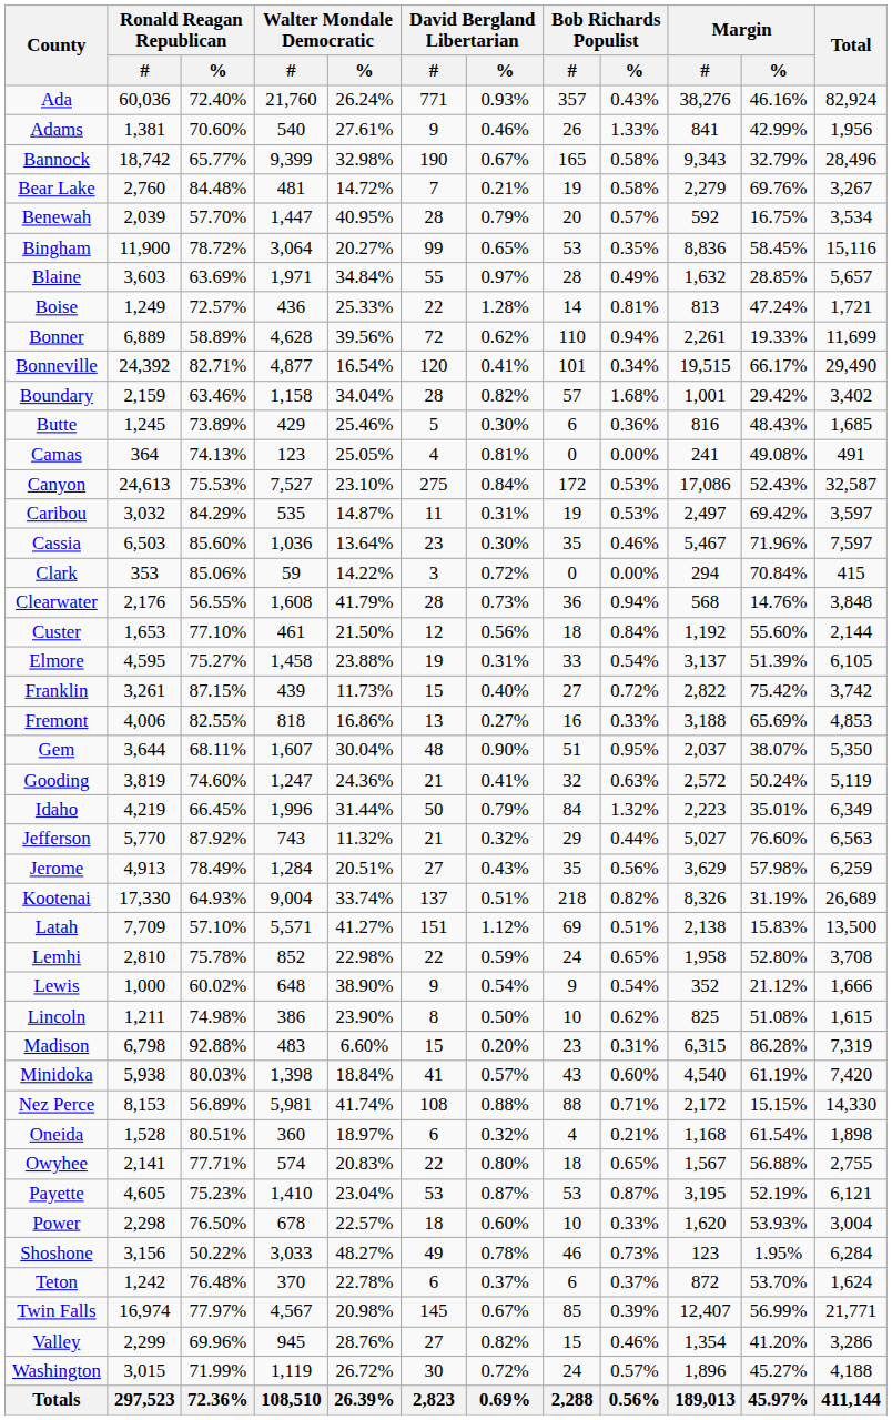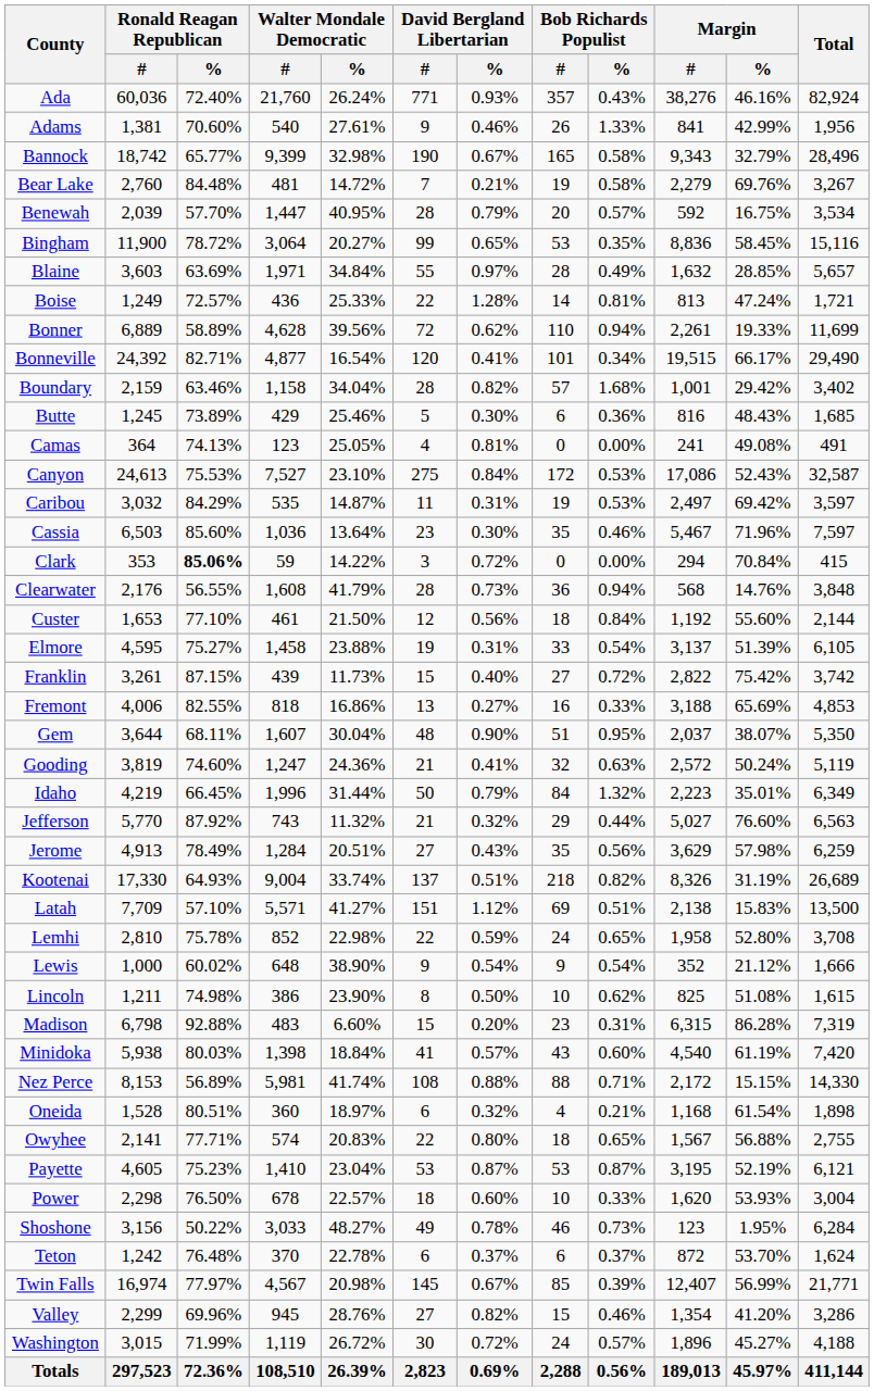 <table width="60%"  class="wikitable sortable" style="text-align:center">
 <tr>
 <th style="text-align:center;" rowspan="2">County</th>
 <th style="text-align:center;" colspan="2">Ronald Reagan<br>Republican</th>
 <th style="text-align:center;" colspan="2">Walter Mondale<br>Democratic</th>
 <th style="text-align:center;" colspan="2">David Bergland<br>Libertarian</th>
 <th style="text-align:center;" colspan="2">Bob Richards<br>Populist</th>
 <th style="text-align:center;" colspan="2">Margin</th>
 <th style="text-align:center;" rowspan="2">Total</th>
 </tr>
 <tr>
 <th style="text-align:center;" data-sort-type="number">#</th>
 <th style="text-align:center;" data-sort-type="number">%</th>
 <th style="text-align:center;" data-sort-type="number">#</th>
 <th style="text-align:center;" data-sort-type="number">%</th>
 <th style="text-align:center;" data-sort-type="number">#</th>
 <th style="text-align:center;" data-sort-type="number">%</th>
 <th style="text-align:center;" data-sort-type="number">#</th>
 <th style="text-align:center;" data-sort-type="number">%</th>
 <th style="text-align:center;" data-sort-type="number">#</th>
 <th style="text-align:center;" data-sort-type="number">%</th>
 </tr>
 <tr style="text-align:center;">
 <td><a href='#'>Ada</a></td>
 <td>60,036</td>
 <td>72.40%</td>
 <td>21,760</td>
 <td>26.24%</td>
 <td>771</td>
 <td>0.93%</td>
 <td>357</td>
 <td>0.43%</td>
 <td>38,276</td>
 <td>46.16%</td>
 <td>82,924</td>
 </tr>
 <tr style="text-align:center;">
 <td><a href='#'>Adams</a></td>
 <td>1,381</td>
 <td>70.60%</td>
 <td>540</td>
 <td>27.61%</td>
 <td>9</td>
 <td>0.46%</td>
 <td>26</td>
 <td>1.33%</td>
 <td>841</td>
 <td>42.99%</td>
 <td>1,956</td>
 </tr>
 <tr style="text-align:center;">
 <td><a href='#'>Bannock</a></td>
 <td>18,742</td>
 <td>65.77%</td>
 <td>9,399</td>
 <td>32.98%</td>
 <td>190</td>
 <td>0.67%</td>
 <td>165</td>
 <td>0.58%</td>
 <td>9,343</td>
 <td>32.79%</td>
 <td>28,496</td>
 </tr>
 <tr style="text-align:center;">
 <td><a href='#'>Bear Lake</a></td>
 <td>2,760</td>
 <td>84.48%</td>
 <td>481</td>
 <td>14.72%</td>
 <td>7</td>
 <td>0.21%</td>
 <td>19</td>
 <td>0.58%</td>
 <td>2,279</td>
 <td>69.76%</td>
 <td>3,267</td>
 </tr>
 <tr style="text-align:center;">
 <td><a href='#'>Benewah</a></td>
 <td>2,039</td>
 <td>57.70%</td>
 <td>1,447</td>
 <td>40.95%</td>
 <td>28</td>
 <td>0.79%</td>
 <td>20</td>
 <td>0.57%</td>
 <td>592</td>
 <td>16.75%</td>
 <td>3,534</td>
 </tr>
 <tr style="text-align:center;">
 <td><a href='#'>Bingham</a></td>
 <td>11,900</td>
 <td>78.72%</td>
 <td>3,064</td>
 <td>20.27%</td>
 <td>99</td>
 <td>0.65%</td>
 <td>53</td>
 <td>0.35%</td>
 <td>8,836</td>
 <td>58.45%</td>
 <td>15,116</td>
 </tr>
 <tr style="text-align:center;">
 <td><a href='#'>Blaine</a></td>
 <td>3,603</td>
 <td>63.69%</td>
 <td>1,971</td>
 <td>34.84%</td>
 <td>55</td>
 <td>0.97%</td>
 <td>28</td>
 <td>0.49%</td>
 <td>1,632</td>
 <td>28.85%</td>
 <td>5,657</td>
 </tr>
 <tr style="text-align:center;">
 <td><a href='#'>Boise</a></td>
 <td>1,249</td>
 <td>72.57%</td>
 <td>436</td>
 <td>25.33%</td>
 <td>22</td>
 <td>1.28%</td>
 <td>14</td>
 <td>0.81%</td>
 <td>813</td>
 <td>47.24%</td>
 <td>1,721</td>
 </tr>
 <tr style="text-align:center;">
 <td><a href='#'>Bonner</a></td>
 <td>6,889</td>
 <td>58.89%</td>
 <td>4,628</td>
 <td>39.56%</td>
 <td>72</td>
 <td>0.62%</td>
 <td>110</td>
 <td>0.94%</td>
 <td>2,261</td>
 <td>19.33%</td>
 <td>11,699</td>
 </tr>
 <tr style="text-align:center;">
 <td><a href='#'>Bonneville</a></td>
 <td>24,392</td>
 <td>82.71%</td>
 <td>4,877</td>
 <td>16.54%</td>
 <td>120</td>
 <td>0.41%</td>
 <td>101</td>
 <td>0.34%</td>
 <td>19,515</td>
 <td>66.17%</td>
 <td>29,490</td>
 </tr>
 <tr style="text-align:center;">
 <td><a href='#'>Boundary</a></td>
 <td>2,159</td>
 <td>63.46%</td>
 <td>1,158</td>
 <td>34.04%</td>
 <td>28</td>
 <td>0.82%</td>
 <td>57</td>
 <td>1.68%</td>
 <td>1,001</td>
 <td>29.42%</td>
 <td>3,402</td>
 </tr>
 <tr style="text-align:center;">
 <td><a href='#'>Butte</a></td>
 <td>1,245</td>
 <td>73.89%</td>
 <td>429</td>
 <td>25.46%</td>
 <td>5</td>
 <td>0.30%</td>
 <td>6</td>
 <td>0.36%</td>
 <td>816</td>
 <td>48.43%</td>
 <td>1,685</td>
 </tr>
 <tr style="text-align:center;">
 <td><a href='#'>Camas</a></td>
 <td>364</td>
 <td>74.13%</td>
 <td>123</td>
 <td>25.05%</td>
 <td>4</td>
 <td>0.81%</td>
 <td>0</td>
 <td>0.00%</td>
 <td>241</td>
 <td>49.08%</td>
 <td>491</td>
 </tr>
 <tr style="text-align:center;">
 <td><a href='#'>Canyon</a></td>
 <td>24,613</td>
 <td>75.53%</td>
 <td>7,527</td>
 <td>23.10%</td>
 <td>275</td>
 <td>0.84%</td>
 <td>172</td>
 <td>0.53%</td>
 <td>17,086</td>
 <td>52.43%</td>
 <td>32,587</td>
 </tr>
 <tr style="text-align:center;">
 <td><a href='#'>Caribou</a></td>
 <td>3,032</td>
 <td>84.29%</td>
 <td>535</td>
 <td>14.87%</td>
 <td>11</td>
 <td>0.31%</td>
 <td>19</td>
 <td>0.53%</td>
 <td>2,497</td>
 <td>69.42%</td>
 <td>3,597</td>
 </tr>
 <tr style="text-align:center;">
 <td><a href='#'>Cassia</a></td>
 <td>6,503</td>
 <td>85.60%</td>
 <td>1,036</td>
 <td>13.64%</td>
 <td>23</td>
 <td>0.30%</td>
 <td>35</td>
 <td>0.46%</td>
 <td>5,467</td>
 <td>71.96%</td>
 <td>7,597</td>
 </tr>
 <tr style="text-align:center;">
 <td><a href='#'>Clark</a></td>
 <td>353</td>
-<td>85.06%</td>
+<td><strong>85.06%</strong></td>
 <td>59</td>
 <td>14.22%</td>
 <td>3</td>
 <td>0.72%</td>
 <td>0</td>
 <td>0.00%</td>
 <td>294</td>
 <td>70.84%</td>
 <td>415</td>
 </tr>
 <tr style="text-align:center;">
 <td><a href='#'>Clearwater</a></td>
 <td>2,176</td>
 <td>56.55%</td>
 <td>1,608</td>
 <td>41.79%</td>
 <td>28</td>
 <td>0.73%</td>
 <td>36</td>
 <td>0.94%</td>
 <td>568</td>
 <td>14.76%</td>
 <td>3,848</td>
 </tr>
 <tr style="text-align:center;">
 <td><a href='#'>Custer</a></td>
 <td>1,653</td>
 <td>77.10%</td>
 <td>461</td>
 <td>21.50%</td>
 <td>12</td>
 <td>0.56%</td>
 <td>18</td>
 <td>0.84%</td>
 <td>1,192</td>
 <td>55.60%</td>
 <td>2,144</td>
 </tr>
 <tr style="text-align:center;">
 <td><a href='#'>Elmore</a></td>
 <td>4,595</td>
 <td>75.27%</td>
 <td>1,458</td>
 <td>23.88%</td>
 <td>19</td>
 <td>0.31%</td>
 <td>33</td>
 <td>0.54%</td>
 <td>3,137</td>
 <td>51.39%</td>
 <td>6,105</td>
 </tr>
 <tr style="text-align:center;">
 <td><a href='#'>Franklin</a></td>
 <td>3,261</td>
 <td>87.15%</td>
 <td>439</td>
 <td>11.73%</td>
 <td>15</td>
 <td>0.40%</td>
 <td>27</td>
 <td>0.72%</td>
 <td>2,822</td>
 <td>75.42%</td>
 <td>3,742</td>
 </tr>
 <tr style="text-align:center;">
 <td><a href='#'>Fremont</a></td>
 <td>4,006</td>
 <td>82.55%</td>
 <td>818</td>
 <td>16.86%</td>
 <td>13</td>
 <td>0.27%</td>
 <td>16</td>
 <td>0.33%</td>
 <td>3,188</td>
 <td>65.69%</td>
 <td>4,853</td>
 </tr>
 <tr style="text-align:center;">
 <td><a href='#'>Gem</a></td>
 <td>3,644</td>
 <td>68.11%</td>
 <td>1,607</td>
 <td>30.04%</td>
 <td>48</td>
 <td>0.90%</td>
 <td>51</td>
 <td>0.95%</td>
 <td>2,037</td>
 <td>38.07%</td>
 <td>5,350</td>
 </tr>
 <tr style="text-align:center;">
 <td><a href='#'>Gooding</a></td>
 <td>3,819</td>
 <td>74.60%</td>
 <td>1,247</td>
 <td>24.36%</td>
 <td>21</td>
 <td>0.41%</td>
 <td>32</td>
 <td>0.63%</td>
 <td>2,572</td>
 <td>50.24%</td>
 <td>5,119</td>
 </tr>
 <tr style="text-align:center;">
 <td><a href='#'>Idaho</a></td>
 <td>4,219</td>
 <td>66.45%</td>
 <td>1,996</td>
 <td>31.44%</td>
 <td>50</td>
 <td>0.79%</td>
 <td>84</td>
 <td>1.32%</td>
 <td>2,223</td>
 <td>35.01%</td>
 <td>6,349</td>
 </tr>
 <tr style="text-align:center;">
 <td><a href='#'>Jefferson</a></td>
 <td>5,770</td>
 <td>87.92%</td>
 <td>743</td>
 <td>11.32%</td>
 <td>21</td>
 <td>0.32%</td>
 <td>29</td>
 <td>0.44%</td>
 <td>5,027</td>
 <td>76.60%</td>
 <td>6,563</td>
 </tr>
 <tr style="text-align:center;">
 <td><a href='#'>Jerome</a></td>
 <td>4,913</td>
 <td>78.49%</td>
 <td>1,284</td>
 <td>20.51%</td>
 <td>27</td>
 <td>0.43%</td>
 <td>35</td>
 <td>0.56%</td>
 <td>3,629</td>
 <td>57.98%</td>
 <td>6,259</td>
 </tr>
 <tr style="text-align:center;">
 <td><a href='#'>Kootenai</a></td>
 <td>17,330</td>
 <td>64.93%</td>
 <td>9,004</td>
 <td>33.74%</td>
 <td>137</td>
 <td>0.51%</td>
 <td>218</td>
 <td>0.82%</td>
 <td>8,326</td>
 <td>31.19%</td>
 <td>26,689</td>
 </tr>
 <tr style="text-align:center;">
 <td><a href='#'>Latah</a></td>
 <td>7,709</td>
 <td>57.10%</td>
 <td>5,571</td>
 <td>41.27%</td>
 <td>151</td>
 <td>1.12%</td>
 <td>69</td>
 <td>0.51%</td>
 <td>2,138</td>
 <td>15.83%</td>
 <td>13,500</td>
 </tr>
 <tr style="text-align:center;">
 <td><a href='#'>Lemhi</a></td>
 <td>2,810</td>
 <td>75.78%</td>
 <td>852</td>
 <td>22.98%</td>
 <td>22</td>
 <td>0.59%</td>
 <td>24</td>
 <td>0.65%</td>
 <td>1,958</td>
 <td>52.80%</td>
 <td>3,708</td>
 </tr>
 <tr style="text-align:center;">
 <td><a href='#'>Lewis</a></td>
 <td>1,000</td>
 <td>60.02%</td>
 <td>648</td>
 <td>38.90%</td>
 <td>9</td>
 <td>0.54%</td>
 <td>9</td>
 <td>0.54%</td>
 <td>352</td>
 <td>21.12%</td>
 <td>1,666</td>
 </tr>
 <tr style="text-align:center;">
 <td><a href='#'>Lincoln</a></td>
 <td>1,211</td>
 <td>74.98%</td>
 <td>386</td>
 <td>23.90%</td>
 <td>8</td>
 <td>0.50%</td>
 <td>10</td>
 <td>0.62%</td>
 <td>825</td>
 <td>51.08%</td>
 <td>1,615</td>
 </tr>
 <tr style="text-align:center;">
 <td><a href='#'>Madison</a></td>
 <td>6,798</td>
 <td>92.88%</td>
 <td>483</td>
 <td>6.60%</td>
 <td>15</td>
 <td>0.20%</td>
 <td>23</td>
 <td>0.31%</td>
 <td>6,315</td>
 <td>86.28%</td>
 <td>7,319</td>
 </tr>
 <tr style="text-align:center;">
 <td><a href='#'>Minidoka</a></td>
 <td>5,938</td>
 <td>80.03%</td>
 <td>1,398</td>
 <td>18.84%</td>
 <td>41</td>
 <td>0.57%</td>
 <td>43</td>
 <td>0.60%</td>
 <td>4,540</td>
 <td>61.19%</td>
 <td>7,420</td>
 </tr>
 <tr style="text-align:center;">
 <td><a href='#'>Nez Perce</a></td>
 <td>8,153</td>
 <td>56.89%</td>
 <td>5,981</td>
 <td>41.74%</td>
 <td>108</td>
 <td>0.88%</td>
 <td>88</td>
 <td>0.71%</td>
 <td>2,172</td>
 <td>15.15%</td>
 <td>14,330</td>
 </tr>
 <tr style="text-align:center;">
 <td><a href='#'>Oneida</a></td>
 <td>1,528</td>
 <td>80.51%</td>
 <td>360</td>
 <td>18.97%</td>
 <td>6</td>
 <td>0.32%</td>
 <td>4</td>
 <td>0.21%</td>
 <td>1,168</td>
 <td>61.54%</td>
 <td>1,898</td>
 </tr>
 <tr style="text-align:center;">
 <td><a href='#'>Owyhee</a></td>
 <td>2,141</td>
 <td>77.71%</td>
 <td>574</td>
 <td>20.83%</td>
 <td>22</td>
 <td>0.80%</td>
 <td>18</td>
 <td>0.65%</td>
 <td>1,567</td>
 <td>56.88%</td>
 <td>2,755</td>
 </tr>
 <tr style="text-align:center;">
 <td><a href='#'>Payette</a></td>
 <td>4,605</td>
 <td>75.23%</td>
 <td>1,410</td>
 <td>23.04%</td>
 <td>53</td>
 <td>0.87%</td>
 <td>53</td>
 <td>0.87%</td>
 <td>3,195</td>
 <td>52.19%</td>
 <td>6,121</td>
 </tr>
 <tr style="text-align:center;">
 <td><a href='#'>Power</a></td>
 <td>2,298</td>
 <td>76.50%</td>
 <td>678</td>
 <td>22.57%</td>
 <td>18</td>
 <td>0.60%</td>
 <td>10</td>
 <td>0.33%</td>
 <td>1,620</td>
 <td>53.93%</td>
 <td>3,004</td>
 </tr>
 <tr style="text-align:center;">
 <td><a href='#'>Shoshone</a></td>
 <td>3,156</td>
 <td>50.22%</td>
 <td>3,033</td>
 <td>48.27%</td>
 <td>49</td>
 <td>0.78%</td>
 <td>46</td>
 <td>0.73%</td>
 <td>123</td>
 <td>1.95%</td>
 <td>6,284</td>
 </tr>
 <tr style="text-align:center;">
 <td><a href='#'>Teton</a></td>
 <td>1,242</td>
 <td>76.48%</td>
 <td>370</td>
 <td>22.78%</td>
 <td>6</td>
 <td>0.37%</td>
 <td>6</td>
 <td>0.37%</td>
 <td>872</td>
 <td>53.70%</td>
 <td>1,624</td>
 </tr>
 <tr style="text-align:center;">
 <td><a href='#'>Twin Falls</a></td>
 <td>16,974</td>
 <td>77.97%</td>
 <td>4,567</td>
 <td>20.98%</td>
 <td>145</td>
 <td>0.67%</td>
 <td>85</td>
 <td>0.39%</td>
 <td>12,407</td>
 <td>56.99%</td>
 <td>21,771</td>
 </tr>
 <tr style="text-align:center;">
 <td><a href='#'>Valley</a></td>
 <td>2,299</td>
 <td>69.96%</td>
 <td>945</td>
 <td>28.76%</td>
 <td>27</td>
 <td>0.82%</td>
 <td>15</td>
 <td>0.46%</td>
 <td>1,354</td>
 <td>41.20%</td>
 <td>3,286</td>
 </tr>
 <tr style="text-align:center;">
 <td><a href='#'>Washington</a></td>
 <td>3,015</td>
 <td>71.99%</td>
 <td>1,119</td>
 <td>26.72%</td>
 <td>30</td>
 <td>0.72%</td>
 <td>24</td>
 <td>0.57%</td>
 <td>1,896</td>
 <td>45.27%</td>
 <td>4,188</td>
 </tr>
 <tr style="text-align:center;">
 <th>Totals</th>
 <th>297,523</th>
 <th>72.36%</th>
 <th>108,510</th>
 <th>26.39%</th>
 <th>2,823</th>
 <th>0.69%</th>
 <th>2,288</th>
 <th>0.56%</th>
 <th>189,013</th>
 <th>45.97%</th>
 <th>411,144</th>
 </tr>
 </table>
